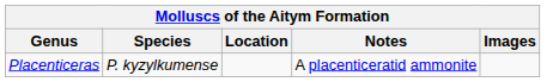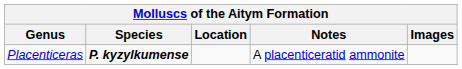 <table class="wikitable" align="center">
 <tr>
 <th colspan="5" align="center"><strong><a href='#'>Molluscs</a> of the Aitym Formation</strong></th>
 </tr>
 <tr>
 <th>Genus</th>
 <th>Species</th>
 <th>Location</th>
 <th>Notes</th>
 <th>Images</th>
 </tr>
 <tr>
 <td><em><a href='#'>Placenticeras</a></em></td>
-<td><em>P. kyzylkumense</em></td>
+<td><strong><em>P. kyzylkumense</em></strong></td>
 <td></td>
 <td>A <a href='#'>placenticeratid</a> <a href='#'>ammonite</a></td>
 <td></td>
 </tr>
 </table>
